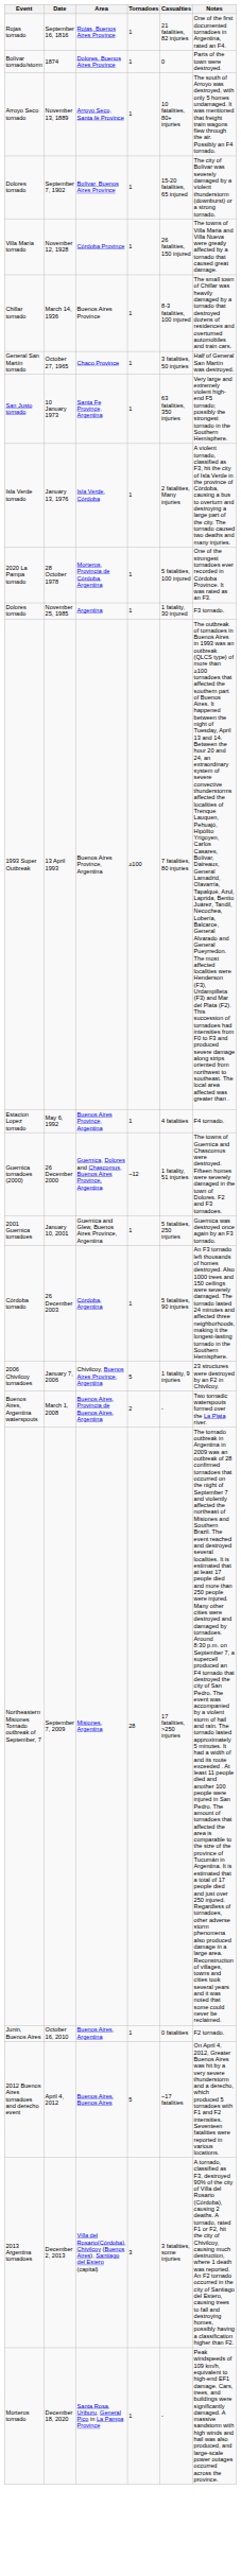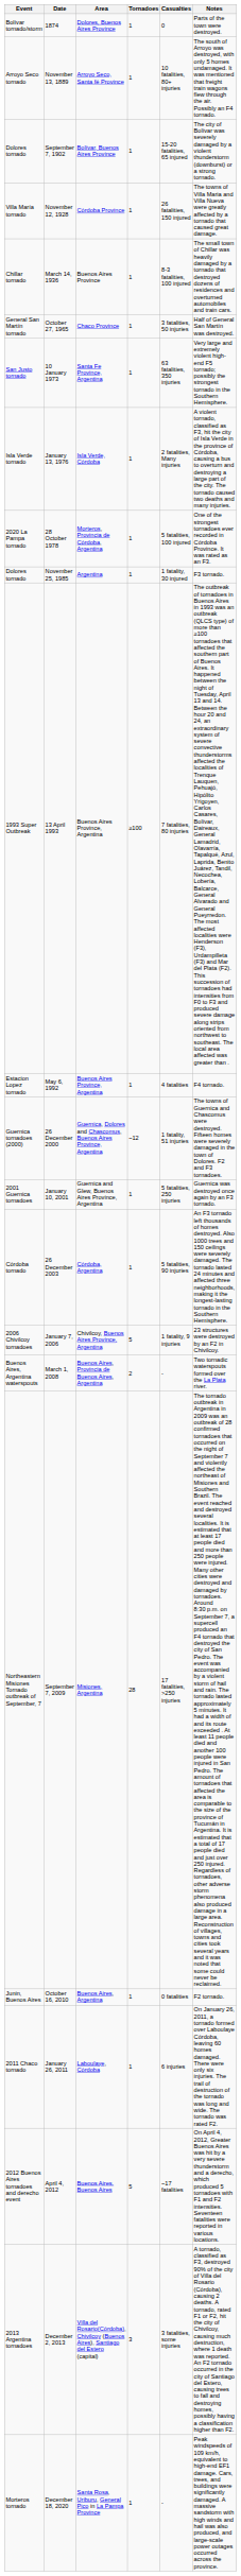 <table class="wikitable" style="width:100%;">
 <tr>
 <th>Event</th>
 <th>Date</th>
 <th>Area</th>
 <th>Tornadoes</th>
 <th>Casualties</th>
 <th>Notes</th>
-</tr>
-<tr>
-<td>Rojas tornado</td>
-<td>September 16, 1816</td>
-<td><a href='#'>Rojas, Buenos Aires Province</a></td>
-<td>1</td>
-<td>21 fatalities, 82 injuries</td>
-<td>One of the first documented tornadoes in Argentina, rated an F4.</td>
 </tr>
 <tr>
 <td>Bolívar tornado/storm</td>
 <td>1874</td>
 <td><a href='#'>Dolores, Buenos Aires Province</a></td>
 <td>1</td>
 <td>0</td>
 <td>Parts of the town were destroyed.</td>
 </tr>
 <tr>
 <td>Arroyo Seco tornado</td>
 <td>November 13, 1889</td>
 <td><a href='#'>Arroyo Seco, Santa fé Province</a></td>
 <td>1</td>
 <td>10 fatalities, 80+ injuries</td>
 <td>The south of Arroyo was destroyed, with only 5 homes undamaged. It was mentioned that freight train wagons flew through the air. Possibly an F4 tornado.</td>
 </tr>
 <tr>
 <td>Dolores tornado</td>
 <td>September 7, 1902</td>
 <td><a href='#'>Bolívar, Buenos Aires Province</a></td>
 <td>1</td>
 <td>15-20 fatalities, 65 injured</td>
 <td>The city of Bolívar was severely damaged by a violent thunderstorm (downburst) or a strong tornado.</td>
 </tr>
 <tr>
 <td>Villa María tornado</td>
 <td>November 12, 1928</td>
 <td><a href='#'>Córdoba Province</a></td>
 <td>1</td>
 <td>26 fatalities, 150 injured</td>
 <td>The towns of Villa Maria and Villa Nueva were greatly affected by a tornado that caused great damage.</td>
 </tr>
 <tr>
 <td>Chillar tornado</td>
 <td>March 14, 1936</td>
 <td>Buenos Aires Province</td>
 <td>1</td>
 <td>8-3 fatalities, 100 injured</td>
 <td>The small town of Chillar was heavily damaged by a tornado that destroyed dozens of residences and overturned automobiles and train cars.</td>
 </tr>
 <tr>
 <td>General San Martín tornado</td>
 <td>October 27, 1965</td>
 <td><a href='#'>Chaco Province</a></td>
 <td>1</td>
 <td>3 fatalities, 50 injuries</td>
 <td>Half of General San Martín was destroyed.</td>
 </tr>
 <tr>
 <td><a href='#'>San Justo tornado</a></td>
 <td>10 January 1973</td>
 <td><a href='#'>Santa Fe Province, Argentina</a></td>
 <td>1</td>
 <td>63 fatalities, 350 injuries</td>
 <td>Very large and extremely violent high-end F5 tornado; possibly the strongest tornado in the Southern Hemisphere.</td>
 </tr>
 <tr>
 <td>Isla Verde tornado</td>
 <td>January 13, 1976</td>
 <td><a href='#'>Isla Verde, Córdoba</a></td>
 <td>1</td>
 <td>2 fatalities, Many injuries</td>
 <td>A violent tornado, classified as F3, hit the city of Isla Verde in the province of Córdoba, causing a bus to overturn and destroying a large part of the city. The tornado caused two deaths and many injuries. </td>
 </tr>
 <tr>
 <td>2020 La Pampa tornado</td>
 <td>28 October 1978</td>
 <td><a href='#'>Morteros</a>, <a href='#'>Provincia de Córdoba</a>, <a href='#'>Argentina</a></td>
 <td>1</td>
 <td>5 fatalities, 100 injured</td>
 <td>One of the strongest tornadoes ever recorded in Córdoba Province. It was rated as an F3.</td>
 </tr>
 <tr>
 <td>Dolores tornado</td>
 <td>November 25, 1985</td>
 <td><a href='#'>Argentina</a></td>
 <td>1</td>
 <td>1 fatality, 30 injured</td>
 <td>F3 tornado. </td>
 </tr>
 <tr>
 <td>1993 Super Outbreak</td>
 <td>13 April 1993</td>
 <td>Buenos Aires Province, Argentina</td>
 <td>≥100</td>
 <td>7 fatalities, 80 injuries</td>
 <td>The outbreak of tornadoes in Buenos Aires in 1993 was an outbreak (QLCS type) of more than ≥100 tornadoes that affected the southern part of Buenos Aires. It happened between the night of Tuesday, April 13 and 14. Between the hour 20 and 24, an extraordinary system of severe convective thunderstorms affected the localities of Trenque Lauquen, Pehuajó, Hipólito Yrigoyen, Carlos Casares, Bolívar, Daireaux, General Lamadrid, Olavarría, Tapalqué, Azul, Laprida, Benito Juárez, Tandil, Necochea, Lobería, Balcarce, General Alvarado and General Pueyrredon. The most affected localities were Henderson (F3), Urdampilleta (F3) and Mar del Plata (F2). This succession of tornadoes had intensities from F0 to F3 and produced severe damage along strips oriented from northwest to southeast. The local area affected was greater than .<br><br></td>
 </tr>
 <tr>
 <td>Estacion Lopez tornado</td>
 <td>May 6, 1992</td>
 <td><a href='#'>Buenos Aires Province, Argentina</a></td>
 <td>1</td>
 <td>4 fatalities</td>
 <td>F4 tornado.</td>
 </tr>
 <tr>
 <td>Guernica tornadoes (2000)</td>
 <td>26 December 2000</td>
 <td><a href='#'>Guernica</a>, <a href='#'>Dolores</a> and <a href='#'>Chascomus</a>, <a href='#'>Buenos Aires Province, Argentina</a></td>
 <td>~12</td>
 <td>1 fatality, 51 injuries</td>
 <td>The towns of Guernica and Chascomus were destroyed. Fifteen homes were severely damaged in the town of Dolores. F2 and F3 tornadoes.</td>
 </tr>
 <tr>
 <td>2001 Guernica tornadoes</td>
 <td>January 10, 2001</td>
 <td>Guernica and Glew, Buenos Aires Province, Argentina</td>
 <td>1</td>
 <td>5 fatalities, 250 injuries</td>
 <td>Guernica was destroyed once again by an F3 tornado.</td>
 </tr>
 <tr>
 <td>Córdoba tornado</td>
 <td>26 December 2003</td>
 <td><a href='#'>Córdoba, Argentina</a></td>
 <td>1</td>
 <td>5 fatalities, 90 injuries</td>
 <td>An F3 tornado left thousands of homes destroyed. Also 1000 trees and 150 ceilings were severely damaged. The tornado lasted 24 minutes and affected three neighborhoods, making it the longest-lasting tornado in the Southern Hemisphere.</td>
 </tr>
 <tr>
 <td>2006 Chivilcoy tornadoes</td>
 <td>January 7, 2006</td>
 <td>Chivilcoy, <a href='#'>Buenos Aires Province, Argentina</a></td>
 <td>5</td>
 <td>1 fatality, 9 injuries</td>
 <td>23 structures were destroyed by an F2 in Chivilcoy.</td>
 </tr>
 <tr>
 <td>Buenos Aires, Argentina waterspouts</td>
 <td>March 1, 2008</td>
 <td><a href='#'>Buenos Aires</a>, <a href='#'>Provincia de Buenos Aires</a>, <a href='#'>Argentina</a></td>
 <td>2</td>
 <td>-</td>
 <td>Two tornadic waterspouts formed over the <a href='#'>La Plata</a> river.</td>
 </tr>
 <tr>
 <td>Northeastern Misiones Tornado outbreak of September, 7</td>
 <td>September 7, 2009</td>
 <td><a href='#'>Misiones, Argentina</a></td>
 <td>28</td>
 <td>17 fatalities, >250 injuries</td>
 <td>The tornado outbreak in Argentina in 2009 was an outbreak of 28 confirmed tornadoes that occurred on the night of September 7 and violently affected the northeast of Misiones and Southern Brazil. The event reached and destroyed several localities. It is estimated that at least 17 people died and more than 250 people were injured. Many other cities were destroyed and damaged by tornadoes.<br>Around 8:30 p.m. on September 7, a supercell produced an F4 tornado that destroyed the city of San Pedro. The event was accompanied by a violent storm of hail and rain. The tornado lasted approximately 5 minutes. It had a width of  and its route exceeded . At least 11 people died and another 100 people were injured in San Pedro. The amount of tornadoes that affected the area is comparable to the size of the province of Tucumán in Argentina. It is estimated that a total of 17 people died and just over 250 injured. Regardless of tornadoes, other adverse storm phenomena also produced damage in a large area. Reconstruction of villages, towns and cities took several years and it was noted that some could never be reclaimed.  </td>
 </tr>
 <tr>
 <td>Junin, Buenos Aires</td>
 <td>October 16, 2010</td>
 <td><a href='#'>Buenos Aires</a>, <a href='#'>Argentina</a></td>
 <td>1</td>
 <td>0 fatalities</td>
 <td>F2 tornado.</td>
 </tr>
 <tr>
+<td>2011 Chaco tornado</td>
+<td>January 26, 2011</td>
+<td><a href='#'>Laboulaye</a>, <a href='#'>Córdoba</a></td>
+<td>1</td>
+<td>6 injuries</td>
+<td>On January 26, 2011, a tornado formed over Laboulaye Córdoba, leaving 60 homes damaged. There were only six injuries. The trail of destruction of the tornado was  long and  wide. The tornado was rated F2.</td>
+</tr>
+<tr>
 <td>2012 Buenos Aires tornadoes and derecho event</td>
 <td>April 4, 2012</td>
 <td><a href='#'>Buenos Aires, Buenos Aires</a></td>
 <td>5</td>
 <td>~17 fatalities</td>
 <td>On April 4, 2012, Greater Buenos Aires was hit by a very severe thunderstorm and a derecho, which produced 5 tornadoes with F1 and F2 intensities. Seventeen fatalities were reported in various locations.</td>
 </tr>
 <tr>
 <td>2013 Argentina tornadoes</td>
 <td>December 2, 2013</td>
 <td><a href='#'>Villa del Rosario</a><a href='#'>(Córdoba)</a>, <a href='#'>Chivilcoy</a> (<a href='#'>Buenos Aires</a>), <a href='#'>Santiago del Estero</a> (capital)</td>
 <td>3</td>
 <td>3 fatalities, some injuries</td>
 <td>A tornado, classified as F3, destroyed 90% of the city of Villa del Rosario (Córdoba), causing 2 deaths. A tornado, rated F1 or F2, hit the city of Chivilcoy, causing much destruction, where 1 death was reported.<br>An F2 tornado occurred in the city of Santiago del Estero, causing trees to fall and destroying homes, possibly having a classification higher than F2.</td>
 </tr>
 <tr>
 <td>Morteros tornado</td>
 <td>December 18, 2020</td>
 <td><a href='#'>Santa Rosa</a>, <a href='#'>Uriburu</a>, <a href='#'>General Pico</a> in <a href='#'>La Pampa Province</a></td>
 <td>1</td>
 <td>-</td>
 <td>Peak windspeeds of 109 km/h, equivalent to high-end EF1 damage. Cars, trees, and buildings were significantly damaged. A massive sandstorm with high winds and hail was also produced, and large-scale power outages occurred across the province.</td>
 </tr>
 </table>
